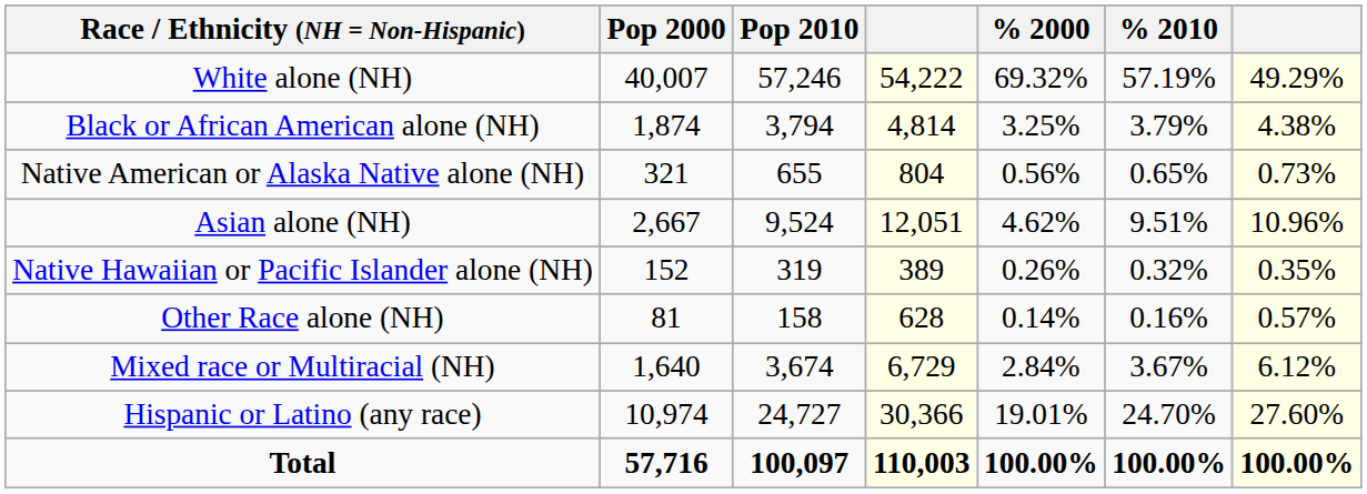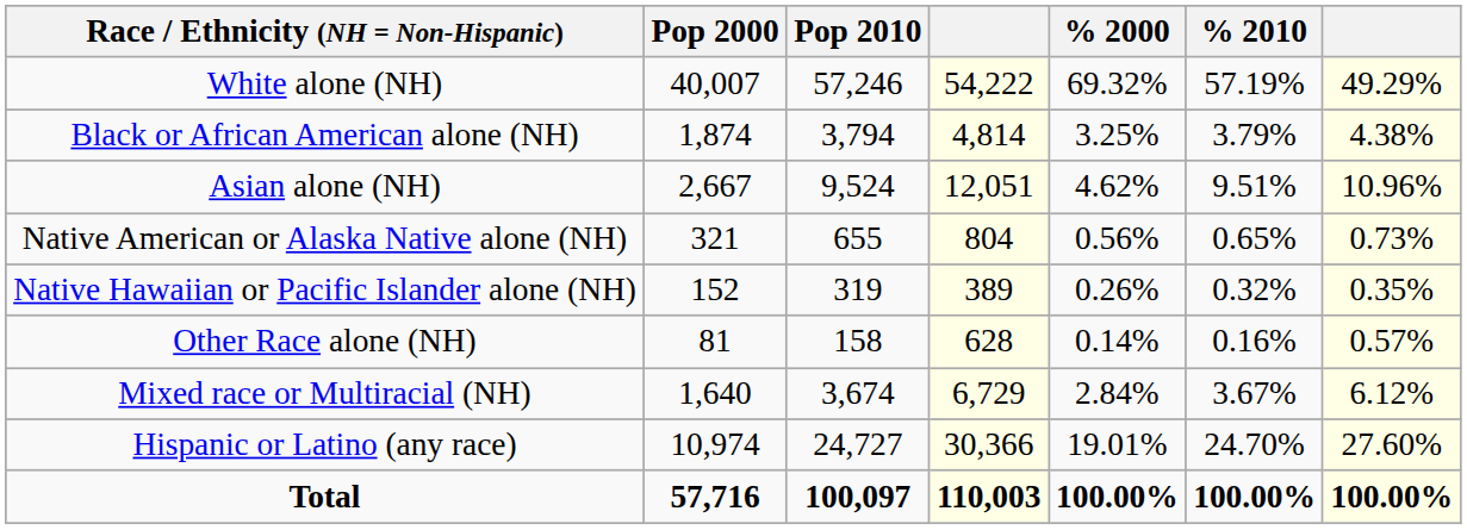 <table class="wikitable" style="text-align:center;">
 <tr>
 <th>Race / Ethnicity <small>(<em>NH = Non-Hispanic</em>)</small></th>
 <th>Pop 2000</th>
 <th>Pop 2010</th>
 <th></th>
 <th>% 2000</th>
 <th>% 2010</th>
 <th></th>
 </tr>
 <tr>
 <td><a href='#'>White</a> alone (NH)</td>
 <td>40,007</td>
 <td>57,246</td>
 <td style='background: #ffffe6;'>54,222</td>
 <td>69.32%</td>
 <td>57.19%</td>
 <td style='background: #ffffe6;'>49.29%</td>
 </tr>
 <tr>
 <td><a href='#'>Black or African American</a> alone (NH)</td>
 <td>1,874</td>
 <td>3,794</td>
 <td style='background: #ffffe6;'>4,814</td>
 <td>3.25%</td>
 <td>3.79%</td>
 <td style='background: #ffffe6;'>4.38%</td>
 </tr>
 <tr>
+<td><a href='#'>Asian</a> alone (NH)</td>
+<td>2,667</td>
+<td>9,524</td>
+<td style='background: #ffffe6;'>12,051</td>
+<td>4.62%</td>
+<td>9.51%</td>
+<td style='background: #ffffe6;'>10.96%</td>
+</tr>
+<tr>
 <td>Native American or <a href='#'>Alaska Native</a> alone (NH)</td>
 <td>321</td>
 <td>655</td>
 <td style='background: #ffffe6;'>804</td>
 <td>0.56%</td>
 <td>0.65%</td>
 <td style='background: #ffffe6;'>0.73%</td>
-</tr>
-<tr>
-<td><a href='#'>Asian</a> alone (NH)</td>
-<td>2,667</td>
-<td>9,524</td>
-<td style='background: #ffffe6;'>12,051</td>
-<td>4.62%</td>
-<td>9.51%</td>
-<td style='background: #ffffe6;'>10.96%</td>
 </tr>
 <tr>
 <td><a href='#'>Native Hawaiian</a> or <a href='#'>Pacific Islander</a> alone (NH)</td>
 <td>152</td>
 <td>319</td>
 <td style='background: #ffffe6;'>389</td>
 <td>0.26%</td>
 <td>0.32%</td>
 <td style='background: #ffffe6;'>0.35%</td>
 </tr>
 <tr>
 <td><a href='#'>Other Race</a> alone (NH)</td>
 <td>81</td>
 <td>158</td>
 <td style='background: #ffffe6;'>628</td>
 <td>0.14%</td>
 <td>0.16%</td>
 <td style='background: #ffffe6;'>0.57%</td>
 </tr>
 <tr>
 <td><a href='#'>Mixed race or Multiracial</a> (NH)</td>
 <td>1,640</td>
 <td>3,674</td>
 <td style='background: #ffffe6;'>6,729</td>
 <td>2.84%</td>
 <td>3.67%</td>
 <td style='background: #ffffe6;'>6.12%</td>
 </tr>
 <tr>
 <td><a href='#'>Hispanic or Latino</a> (any race)</td>
 <td>10,974</td>
 <td>24,727</td>
 <td style='background: #ffffe6;'>30,366</td>
 <td>19.01%</td>
 <td>24.70%</td>
 <td style='background: #ffffe6;'>27.60%</td>
 </tr>
 <tr>
 <td><strong>Total</strong></td>
 <td><strong>57,716</strong></td>
 <td><strong>100,097</strong></td>
 <td style='background: #ffffe6;'><strong>110,003</strong></td>
 <td><strong>100.00%</strong></td>
 <td><strong>100.00%</strong></td>
 <td style='background: #ffffe6;'><strong>100.00%</strong></td>
 </tr>
 </table>
